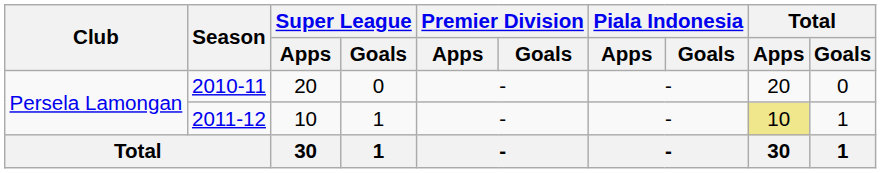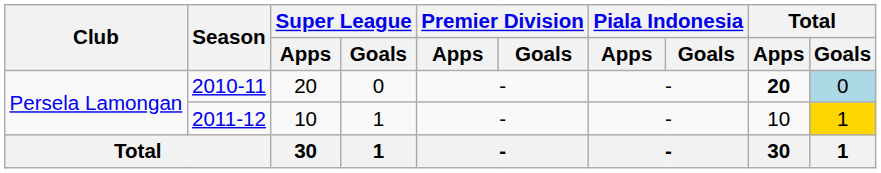 <table class="wikitable" style="font-size:90%; text-align:center;">
 <tr>
 <th rowspan="2">Club</th>
 <th rowspan="2">Season</th>
 <th colspan="2"><a href='#'>Super League</a></th>
 <th colspan="2"><a href='#'>Premier Division</a></th>
 <th colspan="2"><a href='#'>Piala Indonesia</a></th>
 <th colspan="2">Total</th>
 </tr>
 <tr>
 <th>Apps</th>
 <th>Goals</th>
 <th>Apps</th>
 <th>Goals</th>
 <th>Apps</th>
 <th>Goals</th>
 <th>Apps</th>
 <th>Goals</th>
 </tr>
 <tr>
 <td rowspan="2"><a href='#'>Persela Lamongan</a></td>
 <td><a href='#'>2010-11</a></td>
 <td>20</td>
 <td>0</td>
 <td colspan="2">-</td>
 <td colspan="2">-</td>
-<td>20</td>
-<td>0</td>
+<td><strong>20</strong></td>
+<td style="background: lightblue;">0</td>
 </tr>
 <tr>
 <td><a href='#'>2011-12</a></td>
 <td>10</td>
 <td>1</td>
 <td colspan="2">-</td>
 <td colspan="2">-</td>
-<td style="background: khaki;">10</td>
-<td>1</td>
+<td>10</td>
+<td style="background: gold;">1</td>
 </tr>
 <tr>
 <th colspan="2">Total</th>
 <th>30</th>
 <th>1</th>
 <th colspan="2">-</th>
 <th colspan="2">-</th>
 <th>30</th>
 <th>1</th>
 </tr>
 </table>
